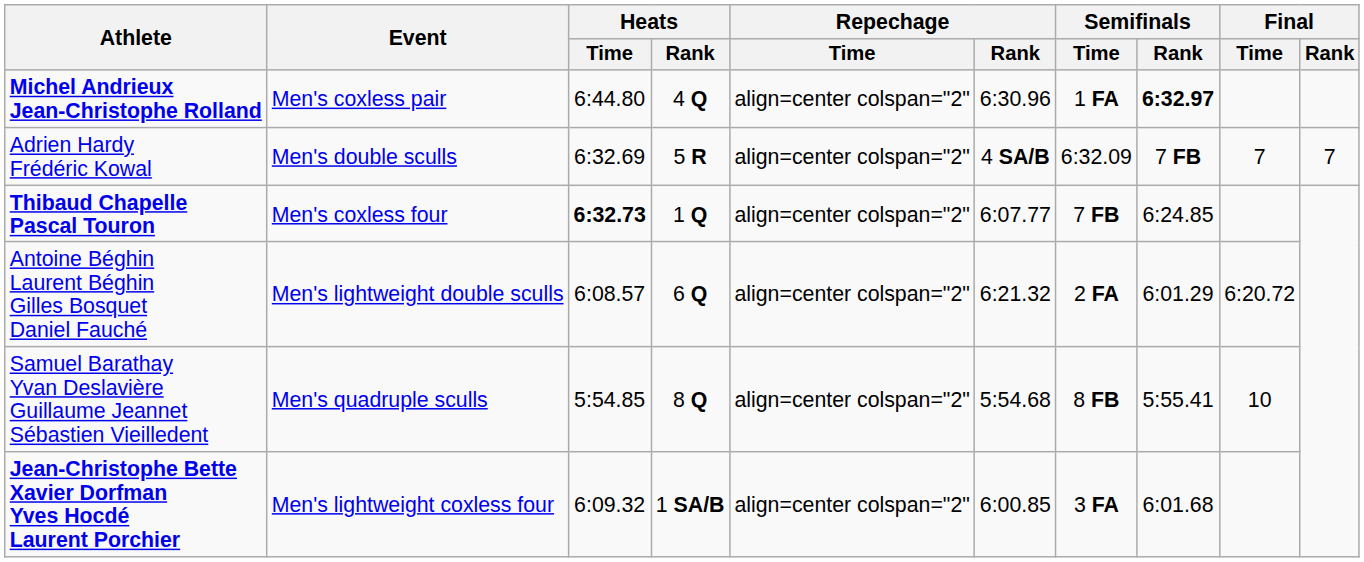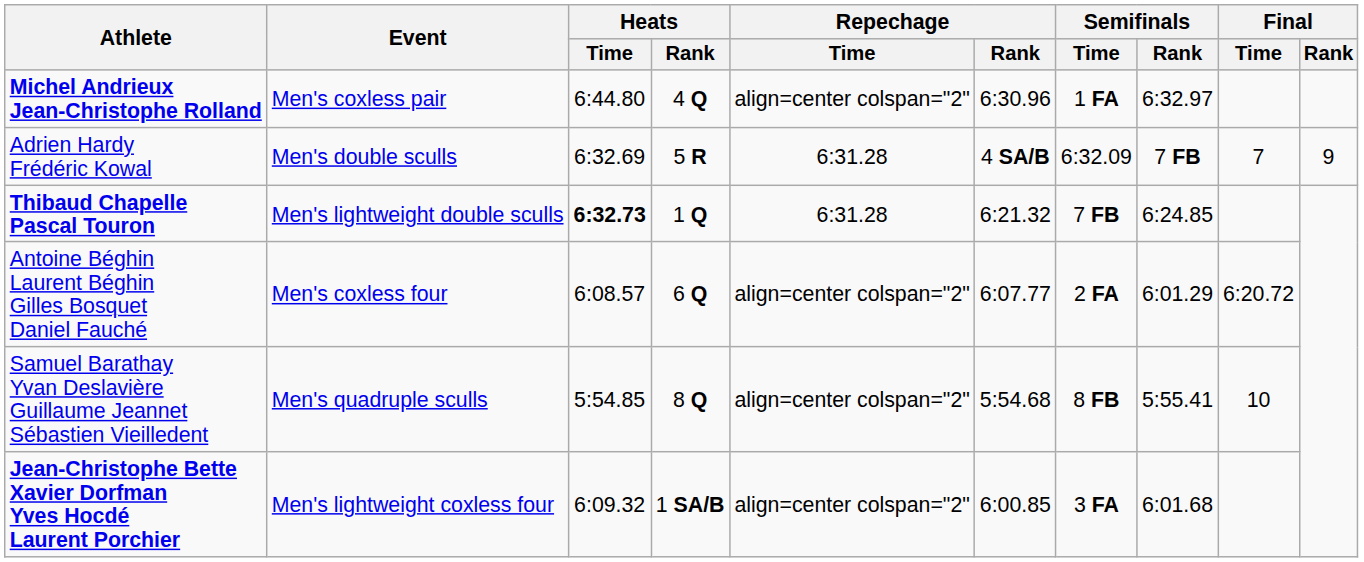 <table class="wikitable" style="font-size:90%;">
 <tr>
 <th rowspan="2">Athlete</th>
 <th rowspan="2">Event</th>
 <th colspan="2">Heats</th>
 <th colspan="2">Repechage</th>
 <th colspan="2">Semifinals</th>
 <th colspan="2">Final</th>
 </tr>
 <tr style="font-size:95%">
 <th>Time</th>
 <th>Rank</th>
 <th>Time</th>
 <th>Rank</th>
 <th>Time</th>
 <th>Rank</th>
 <th>Time</th>
 <th>Rank</th>
 </tr>
 <tr>
 <td align=left><strong><a href='#'>Michel Andrieux</a></strong><br> <strong><a href='#'>Jean-Christophe Rolland</a></strong></td>
 <td align=left><a href='#'>Men's coxless pair</a></td>
 <td align=center>6:44.80</td>
 <td align=center>4 <strong>Q</strong></td>
 <td>align=center colspan="2" </td>
 <td align=center>6:30.96</td>
 <td align=center>1 <strong>FA</strong></td>
-<td align=center><strong>6:32.97</strong></td>
+<td align=center>6:32.97</td>
 <td align=center></td>
 </tr>
 <tr>
 <td align=left><a href='#'>Adrien Hardy</a><br> <a href='#'>Frédéric Kowal</a></td>
 <td align=left><a href='#'>Men's double sculls</a></td>
 <td align=center>6:32.69</td>
 <td align=center>5 <strong>R</strong></td>
-<td>align=center colspan="2" </td>
+<td align=center>6:31.28</td>
 <td align=center>4 <strong>SA/B</strong></td>
 <td align=center>6:32.09</td>
 <td align=center>7 <strong>FB</strong></td>
 <td align=center>7</td>
-<td align=center>7</td>
+<td align=center>9</td>
 </tr>
 <tr>
 <td align=left><strong><a href='#'>Thibaud Chapelle</a></strong><br> <strong><a href='#'>Pascal Touron</a></strong></td>
-<td align=left><a href='#'>Men's coxless four</a></td>
+<td align=left><a href='#'>Men's lightweight double sculls</a></td>
 <td align=center><strong>6:32.73</strong></td>
 <td align=center>1 <strong>Q</strong></td>
-<td>align=center colspan="2" </td>
-<td align=center>6:07.77</td>
+<td align=center>6:31.28</td>
+<td align=center>6:21.32</td>
 <td align=center>7 <strong>FB</strong></td>
 <td align=center>6:24.85</td>
 <td align=center></td>
 </tr>
 <tr>
 <td align=left><a href='#'>Antoine Béghin</a><br> <a href='#'>Laurent Béghin</a><br> <a href='#'>Gilles Bosquet</a><br> <a href='#'>Daniel Fauché</a></td>
-<td align=left><a href='#'>Men's lightweight double sculls</a></td>
+<td align=left><a href='#'>Men's coxless four</a></td>
 <td align=center>6:08.57</td>
 <td align=center>6 <strong>Q</strong></td>
 <td>align=center colspan="2" </td>
-<td align=center>6:21.32</td>
+<td align=center>6:07.77</td>
 <td align=center>2 <strong>FA</strong></td>
 <td align=center>6:01.29</td>
 <td align=center>6:20.72</td>
 </tr>
 <tr>
 <td align=left><a href='#'>Samuel Barathay</a><br> <a href='#'>Yvan Deslavière</a><br> <a href='#'>Guillaume Jeannet</a><br> <a href='#'>Sébastien Vieilledent</a></td>
 <td align=left><a href='#'>Men's quadruple sculls</a></td>
 <td align=center>5:54.85</td>
 <td align=center>8 <strong>Q</strong></td>
 <td>align=center colspan="2" </td>
 <td align=center>5:54.68</td>
 <td align=center>8 <strong>FB</strong></td>
 <td align=center>5:55.41</td>
 <td align=center>10</td>
 </tr>
 <tr>
 <td align=left><strong><a href='#'>Jean-Christophe Bette</a></strong><br> <strong><a href='#'>Xavier Dorfman</a></strong><br> <strong><a href='#'>Yves Hocdé</a></strong><br> <strong><a href='#'>Laurent Porchier</a></strong></td>
 <td align=left><a href='#'>Men's lightweight coxless four</a></td>
 <td align=center>6:09.32</td>
 <td align=center>1 <strong>SA/B</strong></td>
 <td>align=center colspan="2" </td>
 <td align=center>6:00.85</td>
 <td align=center>3 <strong>FA</strong></td>
 <td align=center>6:01.68</td>
 <td align=center></td>
 </tr>
 </table>
